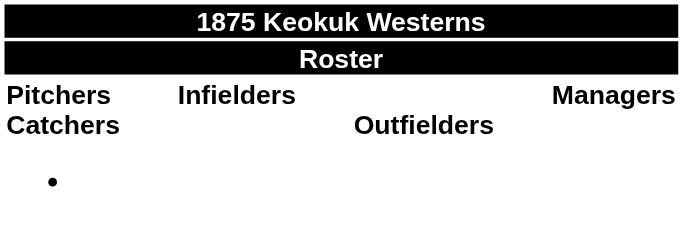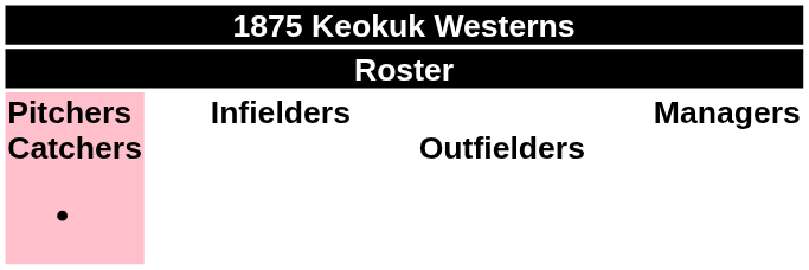 <table class="toccolours" style="font-size: 95%;">
 <tr>
 <th colspan="10" style="background-color: black; color:white; text-align: center;">1875 Keokuk Westerns</th>
 </tr>
 <tr>
 <td colspan="10" style="background-color:black; color: white; text-align: center;"><strong>Roster</strong></td>
 </tr>
 <tr>
-<td valign="top"><strong>Pitchers</strong><br> <strong>Catchers</strong><ul><li></li></ul></td>
+<td valign="top" style="background: pink;"><strong>Pitchers</strong><br> <strong>Catchers</strong><ul><li></li></ul></td>
 <td width="25px"></td>
 <td valign="top"><strong>Infielders</strong><br>   </td>
 <td width="25px"></td>
 <td valign="top"><br><strong>Outfielders</strong>    </td>
 <td width="25px"></td>
 <td valign="top"><strong>Managers</strong><br></td>
 </tr>
 </table>
